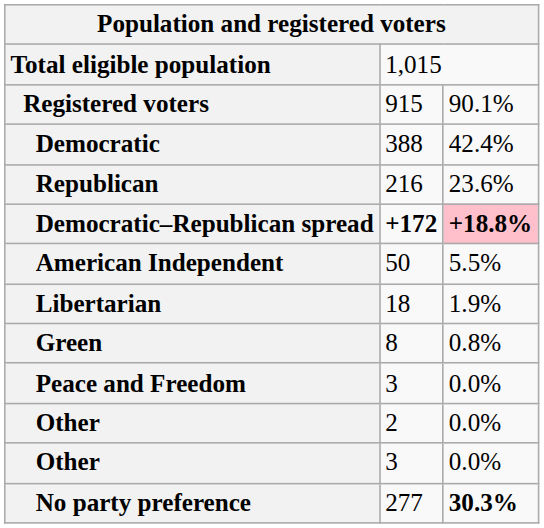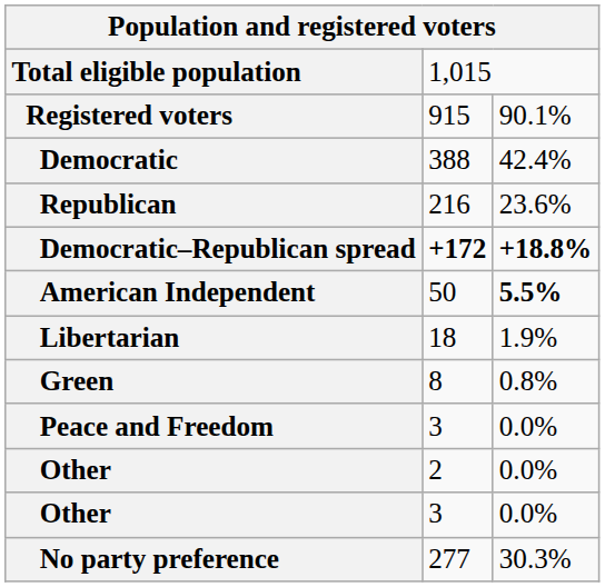 <table class="wikitable collapsible collapsed">
 <tr>
 <th colspan="3">Population and registered voters</th>
 </tr>
 <tr>
 <th scope="row" style="text-align: left;">Total eligible population</th>
 <td colspan="2">1,015</td>
 </tr>
 <tr>
 <th scope="row" style="text-align: left;">  Registered voters</th>
 <td>915</td>
 <td>90.1%</td>
 </tr>
 <tr>
 <th scope="row" style="text-align: left;">    Democratic</th>
 <td>388</td>
 <td>42.4%</td>
 </tr>
 <tr>
 <th scope="row" style="text-align: left;">    Republican</th>
 <td>216</td>
 <td>23.6%</td>
 </tr>
 <tr>
 <th scope="row" style="text-align: left;">    Democratic–Republican spread</th>
 <td><span><strong>+172</strong></span></td>
-<td style="background: pink;"><span><strong>+18.8%</strong></span></td>
+<td><span><strong>+18.8%</strong></span></td>
 </tr>
 <tr>
 <th scope="row" style="text-align: left;">    American Independent</th>
 <td>50</td>
-<td>5.5%</td>
+<td><strong>5.5%</strong></td>
 </tr>
 <tr>
 <th scope="row" style="text-align: left;">    Libertarian</th>
 <td>18</td>
 <td>1.9%</td>
 </tr>
 <tr>
 <th scope="row" style="text-align: left;">    Green</th>
 <td>8</td>
 <td>0.8%</td>
 </tr>
 <tr>
 <th scope="row" style="text-align: left;">    Peace and Freedom</th>
 <td>3</td>
 <td>0.0%</td>
 </tr>
 <tr>
 <th scope="row" style="text-align: left;">    Other</th>
 <td>2</td>
 <td>0.0%</td>
 </tr>
 <tr>
 <th scope="row" style="text-align: left;">    Other</th>
 <td>3</td>
 <td>0.0%</td>
 </tr>
 <tr>
 <th scope="row" style="text-align: left;">    No party preference</th>
 <td>277</td>
-<td><strong>30.3%</strong></td>
+<td>30.3%</td>
 </tr>
 </table>
